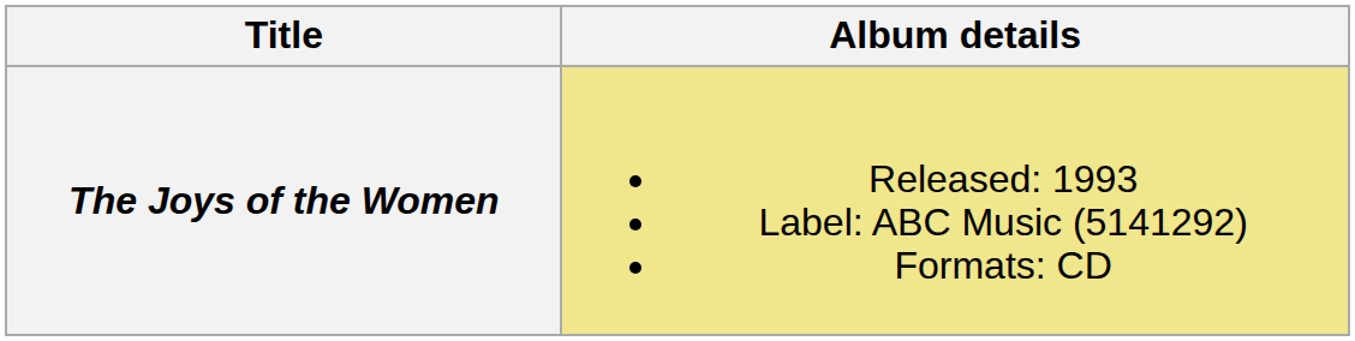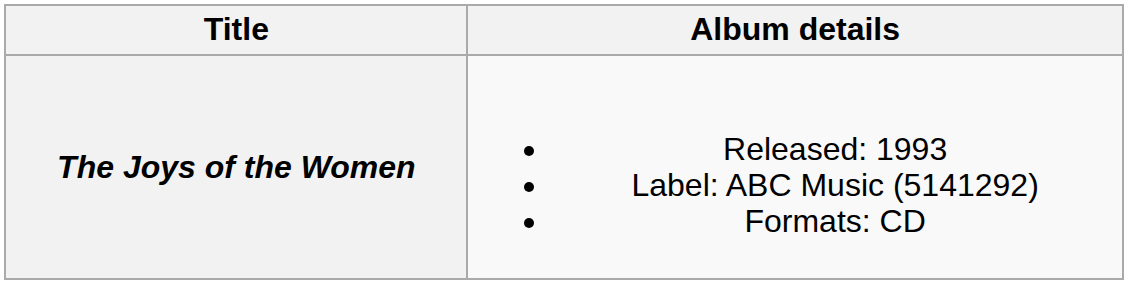 <table class="wikitable plainrowheaders" style="text-align:center;">
 <tr>
 <th scope="col" rowspan="1" style="width:14em;">Title</th>
 <th scope="col" rowspan="1" style="width:20em;">Album details</th>
 </tr>
 <tr>
 <th scope="row"><em>The Joys of the Women</em></th>
-<td style="background: khaki;"><br><ul><li>Released: 1993</li><li>Label: ABC Music (5141292)</li><li>Formats: CD</li></ul></td>
+<td><br><ul><li>Released: 1993</li><li>Label: ABC Music (5141292)</li><li>Formats: CD</li></ul></td>
 </tr>
 </table>
